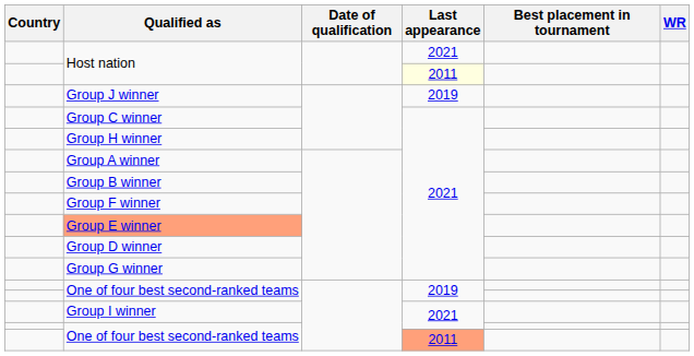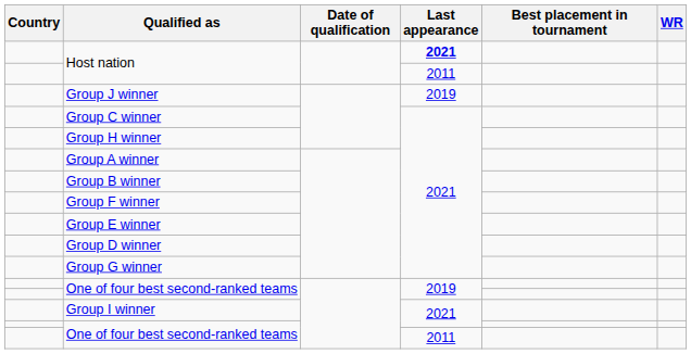 <table class="wikitable sortable">
 <tr>
 <th>Country</th>
 <th>Qualified as</th>
 <th scope="col" width="110">Date of qualification</th>
 <th scope="col" width="50">Last appearance</th>
 <th scope="col" width="200">Best placement in tournament</th>
 <th><a href='#'>WR</a></th>
 </tr>
 <tr>
 <td></td>
 <td rowspan=2>Host nation</td>
 <td rowspan=2></td>
-<td align=center><a href='#'>2021</a></td>
+<td align=center><strong><a href='#'>2021</a></strong></td>
 <td></td>
 <td align="center"></td>
 </tr>
 <tr>
 <td></td>
-<td align=center style="background: lightyellow;"><a href='#'>2011</a></td>
+<td align=center><a href='#'>2011</a></td>
 <td></td>
 <td align="center"></td>
 </tr>
 <tr>
 <td></td>
 <td><a href='#'>Group J winner</a></td>
 <td rowspan=3></td>
 <td align=center><a href='#'>2019</a></td>
 <td></td>
 <td align="center"></td>
 </tr>
 <tr>
 <td></td>
 <td><a href='#'>Group C winner</a></td>
 <td rowspan=8 align=center><a href='#'>2021</a></td>
 <td></td>
 <td align="center"></td>
 </tr>
 <tr>
 <td></td>
 <td><a href='#'>Group H winner</a></td>
 <td></td>
 <td align="center"></td>
 </tr>
 <tr>
 <td></td>
 <td><a href='#'>Group A winner</a></td>
 <td rowspan=6></td>
 <td></td>
 <td align="center"></td>
 </tr>
 <tr>
 <td></td>
 <td><a href='#'>Group B winner</a></td>
 <td></td>
 <td align="center"></td>
 </tr>
 <tr>
 <td></td>
 <td><a href='#'>Group F winner</a></td>
 <td></td>
 <td align="center"></td>
 </tr>
 <tr>
 <td></td>
-<td style="background: lightsalmon;"><a href='#'>Group E winner</a></td>
+<td><a href='#'>Group E winner</a></td>
 <td></td>
 <td align="center"></td>
 </tr>
 <tr>
 <td></td>
 <td><a href='#'>Group D winner</a></td>
 <td></td>
 <td align="center"></td>
 </tr>
 <tr>
 <td></td>
 <td><a href='#'>Group G winner</a></td>
 <td></td>
 <td align="center"></td>
 </tr>
 <tr>
 <td></td>
 <td rowspan=2><a href='#'>One of four best second-ranked teams</a></td>
 <td rowspan=5></td>
 <td align=center rowspan=2><a href='#'>2019</a></td>
 <td></td>
 <td align="center"></td>
 </tr>
 <tr>
 <td></td>
 <td></td>
 <td align="center"></td>
 </tr>
 <tr>
 <td></td>
 <td><a href='#'>Group I winner</a></td>
 <td align=center rowspan=2><a href='#'>2021</a></td>
 <td></td>
 <td align="center"></td>
 </tr>
 <tr>
 <td></td>
 <td rowspan=2><a href='#'>One of four best second-ranked teams</a></td>
 <td></td>
 <td align="center"></td>
 </tr>
 <tr>
 <td></td>
-<td align=center style="background: lightsalmon;"><a href='#'>2011</a></td>
+<td align=center><a href='#'>2011</a></td>
 <td></td>
 <td align="center"></td>
 </tr>
 </table>
